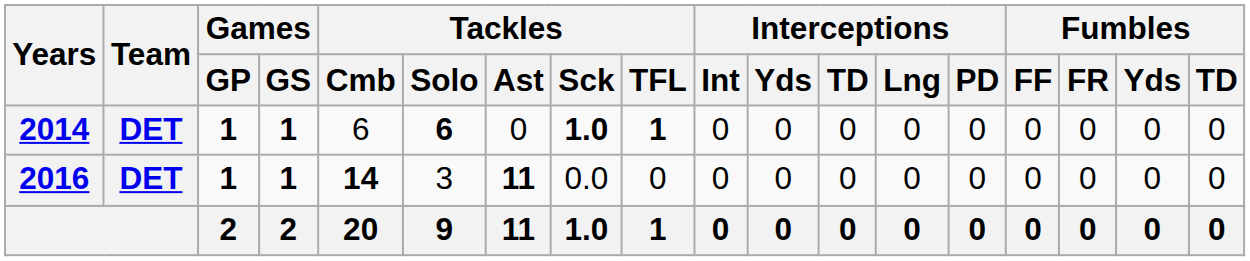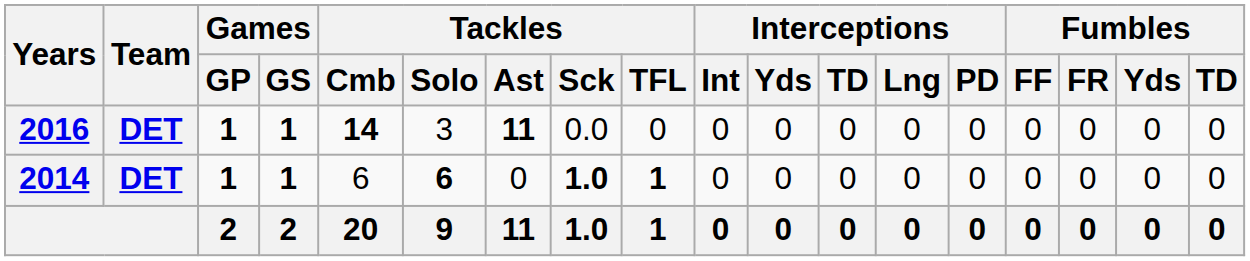 <table class="wikitable" style="text-align:center">
 <tr>
 <th rowspan="2">Years</th>
 <th rowspan="2">Team</th>
 <th colspan="2">Games</th>
 <th colspan="5">Tackles</th>
 <th colspan="5">Interceptions</th>
 <th colspan="4">Fumbles</th>
 </tr>
 <tr>
 <th>GP</th>
 <th>GS</th>
 <th>Cmb</th>
 <th>Solo</th>
 <th>Ast</th>
 <th>Sck</th>
 <th>TFL</th>
 <th>Int</th>
 <th>Yds</th>
 <th>TD</th>
 <th>Lng</th>
 <th>PD</th>
 <th>FF</th>
 <th>FR</th>
 <th>Yds</th>
 <th>TD</th>
 </tr>
 <tr>
-<th><a href='#'>2014</a></th>
+<th><a href='#'>2016</a></th>
 <th><a href='#'>DET</a></th>
 <td><strong>1</strong></td>
 <td><strong>1</strong></td>
-<td>6</td>
-<td><strong>6</strong></td>
+<td><strong>14</strong></td>
+<td>3</td>
+<td><strong>11</strong></td>
+<td>0.0</td>
 <td>0</td>
-<td><strong>1.0</strong></td>
-<td><strong>1</strong></td>
 <td>0</td>
 <td>0</td>
 <td>0</td>
 <td>0</td>
 <td>0</td>
 <td>0</td>
 <td>0</td>
 <td>0</td>
 <td>0</td>
 </tr>
 <tr>
-<th><a href='#'>2016</a></th>
+<th><a href='#'>2014</a></th>
 <th><a href='#'>DET</a></th>
 <td><strong>1</strong></td>
 <td><strong>1</strong></td>
-<td><strong>14</strong></td>
-<td>3</td>
-<td><strong>11</strong></td>
-<td>0.0</td>
+<td>6</td>
+<td><strong>6</strong></td>
 <td>0</td>
+<td><strong>1.0</strong></td>
+<td><strong>1</strong></td>
 <td>0</td>
 <td>0</td>
 <td>0</td>
 <td>0</td>
 <td>0</td>
 <td>0</td>
 <td>0</td>
 <td>0</td>
 <td>0</td>
 </tr>
 <tr>
 <th colspan="2"></th>
 <th>2</th>
 <th>2</th>
 <th>20</th>
 <th>9</th>
 <th>11</th>
 <th>1.0</th>
 <th>1</th>
 <th>0</th>
 <th>0</th>
 <th>0</th>
 <th>0</th>
 <th>0</th>
 <th>0</th>
 <th>0</th>
 <th>0</th>
 <th>0</th>
 </tr>
 </table>
